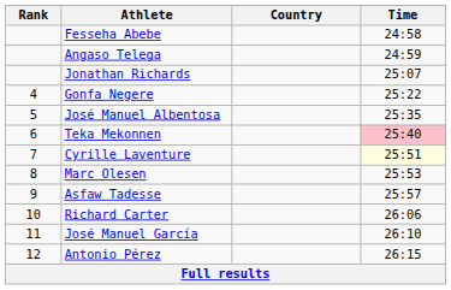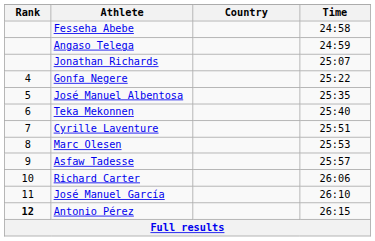 <table class="wikitable sortable" style=" text-align:center; font-size:95%;" width="50%">
 <tr>
 </tr>
 <tr>
 <th width=5%>Rank</th>
 <th width=20%>Athlete</th>
 <th width=15%>Country</th>
 <th width=10%>Time</th>
 </tr>
 <tr>
 <td align=center></td>
 <td align=left><a href='#'>Fesseha Abebe</a></td>
 <td align=left></td>
 <td>24:58</td>
 </tr>
 <tr>
 <td align=center></td>
 <td align=left><a href='#'>Angaso Telega</a></td>
 <td align=left></td>
 <td>24:59</td>
 </tr>
 <tr>
 <td align=center></td>
 <td align=left><a href='#'>Jonathan Richards</a></td>
 <td align=left></td>
 <td>25:07</td>
 </tr>
 <tr>
 <td align=center>4</td>
 <td align=left><a href='#'>Gonfa Negere</a></td>
 <td align=left></td>
 <td>25:22</td>
 </tr>
 <tr>
 <td align=center>5</td>
 <td align=left><a href='#'>José Manuel Albentosa</a></td>
 <td align=left></td>
 <td>25:35</td>
 </tr>
 <tr>
 <td align=center>6</td>
 <td align=left><a href='#'>Teka Mekonnen</a></td>
 <td align=left></td>
-<td style="background: pink;">25:40</td>
+<td>25:40</td>
 </tr>
 <tr>
 <td align=center>7</td>
 <td align=left><a href='#'>Cyrille Laventure</a></td>
 <td align=left></td>
-<td style="background: lightyellow;">25:51</td>
+<td>25:51</td>
 </tr>
 <tr>
 <td align=center>8</td>
 <td align=left><a href='#'>Marc Olesen</a></td>
 <td align=left></td>
 <td>25:53</td>
 </tr>
 <tr>
 <td align=center>9</td>
 <td align=left><a href='#'>Asfaw Tadesse</a></td>
 <td align=left></td>
 <td>25:57</td>
 </tr>
 <tr>
 <td align=center>10</td>
 <td align=left><a href='#'>Richard Carter</a></td>
 <td align=left></td>
 <td>26:06</td>
 </tr>
 <tr>
 <td align=center>11</td>
 <td align=left><a href='#'>José Manuel García</a></td>
 <td align=left></td>
 <td>26:10</td>
 </tr>
 <tr>
-<td align=center>12</td>
+<td align=center><strong>12</strong></td>
 <td align=left><a href='#'>Antonio Pérez</a></td>
 <td align=left></td>
 <td>26:15</td>
 </tr>
 <tr class="sortbottom">
 <th colspan=4 align=center><a href='#'>Full results</a></th>
 </tr>
 </table>
